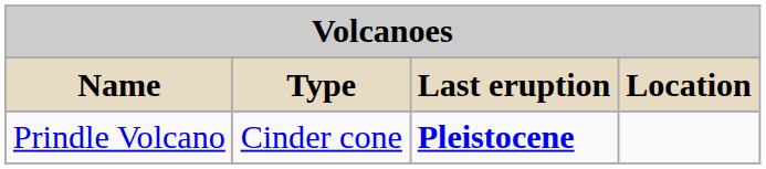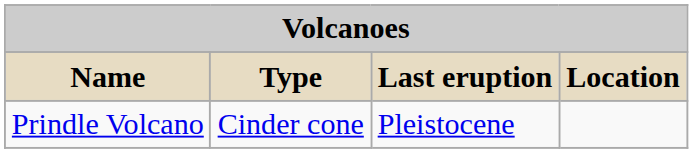 <table align="left" class="wikitable sortable">
 <tr>
 <th style="background-color:#cccccc;" colspan="4">Volcanoes</th>
 </tr>
 <tr>
 <th style="background-color:#e7dcc3;">Name</th>
 <th style="background-color:#e7dcc3;">Type</th>
 <th style="background-color:#e7dcc3;">Last eruption</th>
 <th style="background-color:#e7dcc3;">Location</th>
 </tr>
 <tr>
 <td><a href='#'>Prindle Volcano</a></td>
 <td><a href='#'>Cinder cone</a></td>
-<td><strong><a href='#'>Pleistocene</a></strong></td>
+<td><a href='#'>Pleistocene</a></td>
 <td></td>
 </tr>
 </table>
